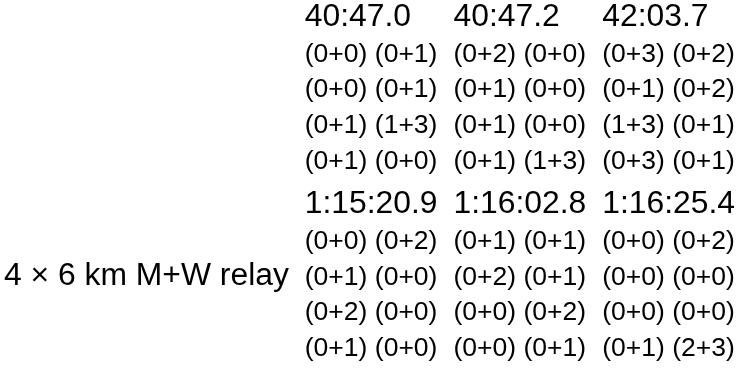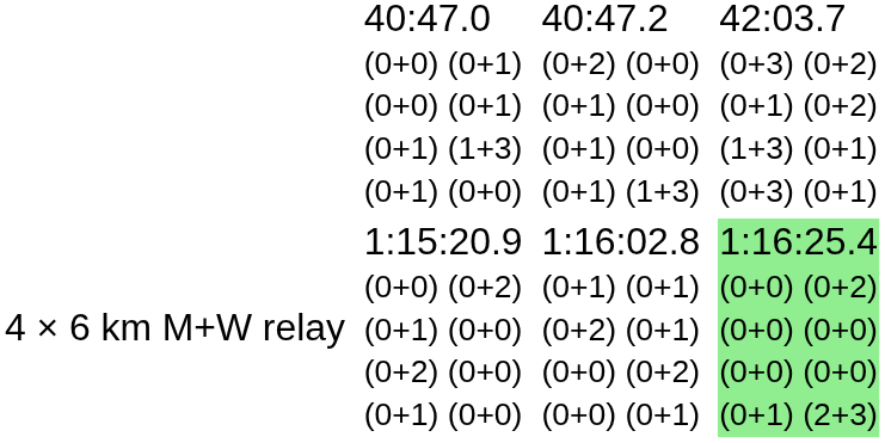 <table>
 <tr>
 <td></td>
 <td></td>
 <td>40:47.0<br><small>(0+0) (0+1)<br>(0+0) (0+1)<br>(0+1) (1+3)<br>(0+1) (0+0)</small></td>
 <td></td>
 <td>40:47.2<br><small>(0+2) (0+0)<br>(0+1) (0+0)<br>(0+1) (0+0)<br>(0+1) (1+3)</small></td>
 <td></td>
 <td>42:03.7<br><small>(0+3) (0+2)<br>(0+1) (0+2)<br>(1+3) (0+1)<br>(0+3) (0+1)</small></td>
 </tr>
 <tr>
 <td>4 × 6 km M+W relay<br><em></em></td>
 <td></td>
 <td>1:15:20.9<br><small>(0+0) (0+2)<br>(0+1) (0+0)<br>(0+2) (0+0)<br>(0+1) (0+0)</small></td>
 <td></td>
 <td>1:16:02.8<br><small>(0+1) (0+1)<br>(0+2) (0+1)<br>(0+0) (0+2)<br>(0+0) (0+1)</small></td>
 <td></td>
-<td>1:16:25.4<br><small>(0+0) (0+2)<br>(0+0) (0+0)<br>(0+0) (0+0)<br>(0+1) (2+3)</small></td>
+<td style="background: lightgreen;">1:16:25.4<br><small>(0+0) (0+2)<br>(0+0) (0+0)<br>(0+0) (0+0)<br>(0+1) (2+3)</small></td>
 </tr>
 </table>
